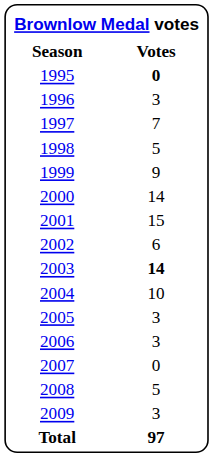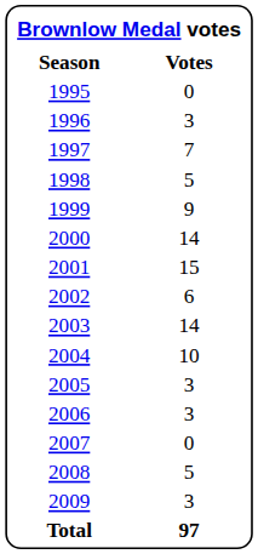 <table style="margin-right:4px; margin-top:8px; float:right; border:1px #000 solid; border-radius:8px; background:#fff; font-family:Verdana; font-size:8pt; text-align:center;">
 <tr style="background:#fff;">
 <td colspan="2;" style="padding:3px; margin-bottom:-3px; margin-top:2px; font-family:Arial; "><strong><a href='#'>Brownlow Medal</a> votes</strong></td>
 </tr>
 <tr>
 <th style="width:50%;">Season</th>
 <th style="width:50%;">Votes</th>
 </tr>
 <tr>
 <td><a href='#'>1995</a></td>
-<td><strong>0</strong></td>
+<td>0</td>
 </tr>
 <tr>
 <td><a href='#'>1996</a></td>
 <td>3</td>
 </tr>
 <tr>
 <td><a href='#'>1997</a></td>
 <td>7</td>
 </tr>
 <tr>
 <td><a href='#'>1998</a></td>
 <td>5</td>
 </tr>
 <tr>
 <td><a href='#'>1999</a></td>
 <td>9</td>
 </tr>
 <tr>
 <td><a href='#'>2000</a></td>
 <td>14</td>
 </tr>
 <tr>
 <td><a href='#'>2001</a></td>
 <td>15</td>
 </tr>
 <tr>
 <td><a href='#'>2002</a></td>
 <td>6</td>
 </tr>
 <tr>
 <td><a href='#'>2003</a></td>
-<td><strong>14</strong></td>
+<td>14</td>
 </tr>
 <tr>
 <td><a href='#'>2004</a></td>
 <td>10</td>
 </tr>
 <tr>
 <td><a href='#'>2005</a></td>
 <td>3</td>
 </tr>
 <tr>
 <td><a href='#'>2006</a></td>
 <td>3</td>
 </tr>
 <tr>
 <td><a href='#'>2007</a></td>
 <td>0</td>
 </tr>
 <tr>
 <td><a href='#'>2008</a></td>
 <td>5</td>
 </tr>
 <tr>
 <td><a href='#'>2009</a></td>
 <td>3</td>
 </tr>
 <tr>
 <td><strong>Total</strong></td>
 <td><strong>97</strong></td>
 </tr>
 </table>
